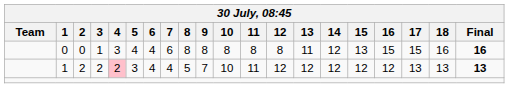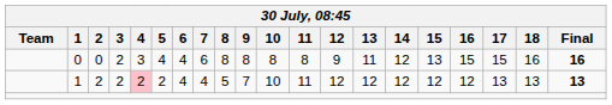 <table class=wikitable style="text-align:center; width: 55%">
 <tr>
 <th colspan=20><em>30 July, 08:45</em></th>
 </tr>
 <tr>
 <th>Team</th>
 <th>1</th>
 <th>2</th>
 <th>3</th>
 <th>4</th>
 <th>5</th>
 <th>6</th>
 <th>7</th>
 <th>8</th>
 <th>9</th>
 <th>10</th>
 <th>11</th>
 <th>12</th>
 <th>13</th>
 <th>14</th>
 <th>15</th>
 <th>16</th>
 <th>17</th>
 <th>18</th>
 <th>Final</th>
 </tr>
 <tr>
 <td align=left><strong></strong></td>
 <td>0</td>
 <td>0</td>
-<td>1</td>
+<td>2</td>
 <td>3</td>
 <td>4</td>
 <td>4</td>
 <td>6</td>
 <td>8</td>
 <td>8</td>
 <td>8</td>
 <td>8</td>
-<td>8</td>
+<td>9</td>
 <td>11</td>
 <td>12</td>
 <td>13</td>
 <td>15</td>
 <td>15</td>
 <td>16</td>
 <td><strong>16</strong></td>
 </tr>
 <tr>
 <td align=left></td>
 <td>1</td>
 <td>2</td>
 <td>2</td>
 <td style="background: pink;">2</td>
-<td>3</td>
+<td>2</td>
 <td>4</td>
 <td>4</td>
 <td>5</td>
 <td>7</td>
 <td>10</td>
 <td>11</td>
 <td>12</td>
 <td>12</td>
 <td>12</td>
 <td>12</td>
 <td>12</td>
 <td>13</td>
 <td>13</td>
 <td><strong>13</strong></td>
 </tr>
 <tr>
 <td colspan=20></td>
 </tr>
 </table>
